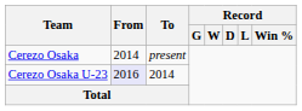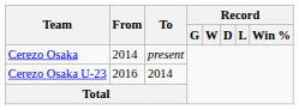 <table class="wikitable" style="text-align: center">
 <tr>
 <th rowspan="2">Team</th>
 <th rowspan="2">From</th>
 <th rowspan="2">To</th>
 <th colspan="5">Record</th>
 </tr>
 <tr>
 <th>G</th>
 <th>W</th>
 <th>D</th>
 <th>L</th>
 <th>Win %</th>
 </tr>
 <tr>
 <td align="left"><a href='#'>Cerezo Osaka</a></td>
 <td align="left">2014</td>
 <td align="left"><em>present</em><br></td>
 </tr>
 <tr>
 <td align="left"><a href='#'>Cerezo Osaka U-23</a></td>
-<td align="left" style="background: lavender;">2016</td>
+<td align="left">2016</td>
 <td align="left">2014<br></td>
 </tr>
 <tr>
 <th colspan="3">Total<br></th>
 </tr>
 </table>
